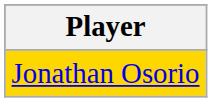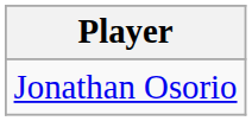 <table class=wikitable>
 <tr>
 <th>Player</th>
 </tr>
 <tr>
-<td style="background: gold;"> <a href='#'>Jonathan Osorio</a></td>
+<td> <a href='#'>Jonathan Osorio</a></td>
 </tr>
 </table>
